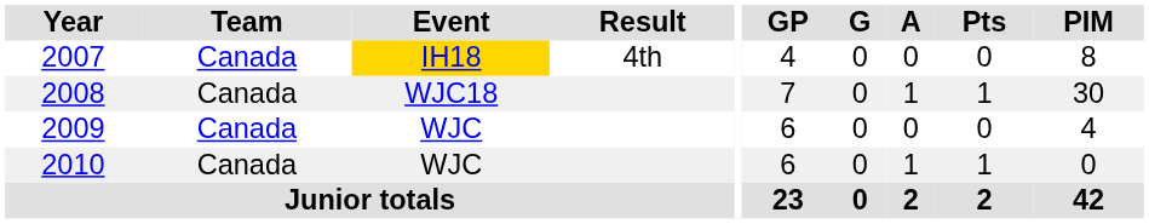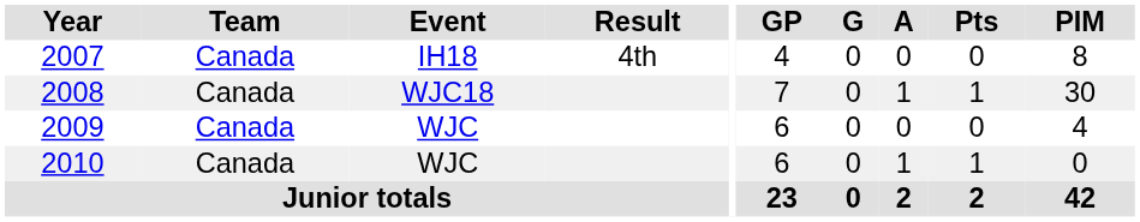 <table border="0" cellpadding="1" cellspacing="0" ID="Table3" style="text-align:center; width:40em">
 <tr ALIGN="center" bgcolor="#e0e0e0">
 <th>Year</th>
 <th>Team</th>
 <th>Event</th>
 <th>Result</th>
 <th rowspan="99" bgcolor="#ffffff"></th>
 <th>GP</th>
 <th>G</th>
 <th>A</th>
 <th>Pts</th>
 <th>PIM</th>
 </tr>
 <tr>
 <td><a href='#'>2007</a></td>
 <td><a href='#'>Canada</a></td>
-<td style="background: gold;"><a href='#'>IH18</a></td>
+<td><a href='#'>IH18</a></td>
 <td>4th</td>
 <td>4</td>
 <td>0</td>
 <td>0</td>
 <td>0</td>
 <td>8</td>
 </tr>
 <tr bgcolor="#f0f0f0">
 <td><a href='#'>2008</a></td>
 <td>Canada</td>
 <td><a href='#'>WJC18</a></td>
 <td></td>
 <td>7</td>
 <td>0</td>
 <td>1</td>
 <td>1</td>
 <td>30</td>
 </tr>
 <tr>
 <td><a href='#'>2009</a></td>
 <td><a href='#'>Canada</a></td>
 <td><a href='#'>WJC</a></td>
 <td></td>
 <td>6</td>
 <td>0</td>
 <td>0</td>
 <td>0</td>
 <td>4</td>
 </tr>
 <tr bgcolor="#f0f0f0">
 <td><a href='#'>2010</a></td>
 <td>Canada</td>
 <td>WJC</td>
 <td></td>
 <td>6</td>
 <td>0</td>
 <td>1</td>
 <td>1</td>
 <td>0</td>
 </tr>
 <tr bgcolor="#e0e0e0">
 <th colspan="4">Junior totals</th>
 <th>23</th>
 <th>0</th>
 <th>2</th>
 <th>2</th>
 <th>42</th>
 </tr>
 </table>
